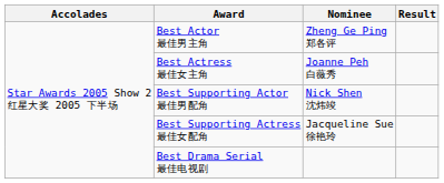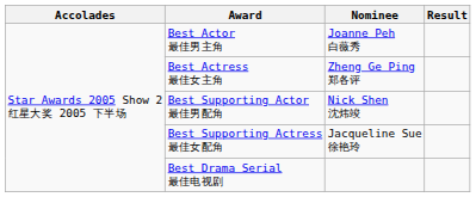 <table class="wikitable">
 <tr>
 <th>Accolades</th>
 <th>Award</th>
 <th>Nominee</th>
 <th>Result</th>
 </tr>
 <tr>
 <td rowspan="5"><a href='#'>Star Awards 2005</a> Show 2 <br> 红星大奖 2005 下半场</td>
 <td><a href='#'>Best Actor</a> <br> 最佳男主角</td>
-<td><a href='#'>Zheng Ge Ping</a> <br> 郑各评</td>
+<td><a href='#'>Joanne Peh</a> <br> 白薇秀</td>
 <td></td>
 </tr>
 <tr>
 <td><a href='#'>Best Actress</a> <br> 最佳女主角</td>
-<td><a href='#'>Joanne Peh</a> <br> 白薇秀</td>
+<td><a href='#'>Zheng Ge Ping</a> <br> 郑各评</td>
 <td></td>
 </tr>
 <tr>
 <td><a href='#'>Best Supporting Actor</a> <br> 最佳男配角</td>
 <td><a href='#'>Nick Shen</a> <br> 沈炜竣</td>
 <td></td>
 </tr>
 <tr>
 <td><a href='#'>Best Supporting Actress</a> <br> 最佳女配角</td>
 <td>Jacqueline Sue <br> 徐艳玲</td>
 <td></td>
 </tr>
 <tr>
 <td><a href='#'>Best Drama Serial</a> <br> 最佳电视剧</td>
 <td></td>
 <td></td>
 </tr>
 </table>
